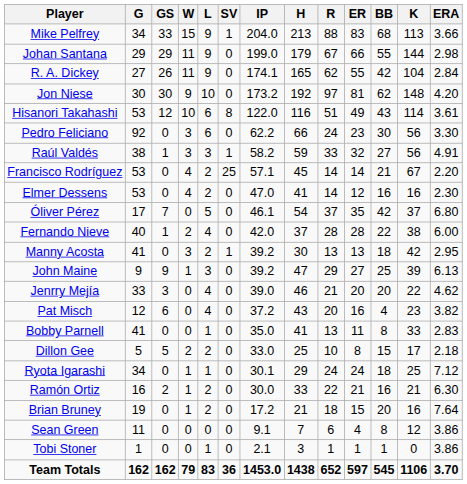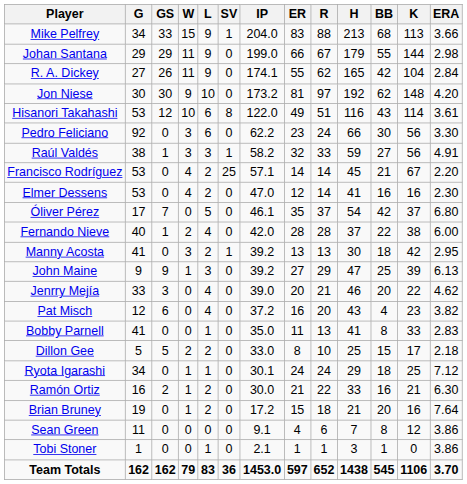 <table class="wikitable sortable">
 <tr>
 <th>Player</th>
 <th>G</th>
 <th>GS</th>
 <th>W</th>
 <th>L</th>
 <th>SV</th>
 <th>IP</th>
+<th>ER</th>
+<th>R</th>
 <th>H</th>
-<th>R</th>
-<th>ER</th>
 <th>BB</th>
 <th>K</th>
 <th>ERA</th>
 </tr>
 <tr align="center">
 <td><a href='#'>Mike Pelfrey</a></td>
 <td>34</td>
 <td>33</td>
 <td>15</td>
 <td>9</td>
 <td>1</td>
 <td>204.0</td>
+<td>83</td>
+<td>88</td>
 <td>213</td>
-<td>88</td>
-<td>83</td>
 <td>68</td>
 <td>113</td>
 <td>3.66</td>
 </tr>
 <tr align="center">
 <td><a href='#'>Johan Santana</a></td>
 <td>29</td>
 <td>29</td>
 <td>11</td>
 <td>9</td>
 <td>0</td>
 <td>199.0</td>
+<td>66</td>
+<td>67</td>
 <td>179</td>
-<td>67</td>
-<td>66</td>
 <td>55</td>
 <td>144</td>
 <td>2.98</td>
 </tr>
 <tr align="center">
 <td><a href='#'>R. A. Dickey</a></td>
 <td>27</td>
 <td>26</td>
 <td>11</td>
 <td>9</td>
 <td>0</td>
 <td>174.1</td>
+<td>55</td>
+<td>62</td>
 <td>165</td>
-<td>62</td>
-<td>55</td>
 <td>42</td>
 <td>104</td>
 <td>2.84</td>
 </tr>
 <tr align="center">
 <td><a href='#'>Jon Niese</a></td>
 <td>30</td>
 <td>30</td>
 <td>9</td>
 <td>10</td>
 <td>0</td>
 <td>173.2</td>
+<td>81</td>
+<td>97</td>
 <td>192</td>
-<td>97</td>
-<td>81</td>
 <td>62</td>
 <td>148</td>
 <td>4.20</td>
 </tr>
 <tr align="center">
 <td><a href='#'>Hisanori Takahashi</a></td>
 <td>53</td>
 <td>12</td>
 <td>10</td>
 <td>6</td>
 <td>8</td>
 <td>122.0</td>
+<td>49</td>
+<td>51</td>
 <td>116</td>
-<td>51</td>
-<td>49</td>
 <td>43</td>
 <td>114</td>
 <td>3.61</td>
 </tr>
 <tr align="center">
 <td><a href='#'>Pedro Feliciano</a></td>
 <td>92</td>
 <td>0</td>
 <td>3</td>
 <td>6</td>
 <td>0</td>
 <td>62.2</td>
+<td>23</td>
+<td>24</td>
 <td>66</td>
-<td>24</td>
-<td>23</td>
 <td>30</td>
 <td>56</td>
 <td>3.30</td>
 </tr>
 <tr align="center">
 <td><a href='#'>Raúl Valdés</a></td>
 <td>38</td>
 <td>1</td>
 <td>3</td>
 <td>3</td>
 <td>1</td>
 <td>58.2</td>
+<td>32</td>
+<td>33</td>
 <td>59</td>
-<td>33</td>
-<td>32</td>
 <td>27</td>
 <td>56</td>
 <td>4.91</td>
 </tr>
 <tr align="center">
 <td><a href='#'>Francisco Rodríguez</a></td>
 <td>53</td>
 <td>0</td>
 <td>4</td>
 <td>2</td>
 <td>25</td>
 <td>57.1</td>
-<td>45</td>
 <td>14</td>
 <td>14</td>
+<td>45</td>
 <td>21</td>
 <td>67</td>
 <td>2.20</td>
 </tr>
 <tr align="center">
 <td><a href='#'>Elmer Dessens</a></td>
 <td>53</td>
 <td>0</td>
 <td>4</td>
 <td>2</td>
 <td>0</td>
 <td>47.0</td>
+<td>12</td>
+<td>14</td>
 <td>41</td>
-<td>14</td>
-<td>12</td>
 <td>16</td>
 <td>16</td>
 <td>2.30</td>
 </tr>
 <tr align="center">
 <td><a href='#'>Óliver Pérez</a></td>
 <td>17</td>
 <td>7</td>
 <td>0</td>
 <td>5</td>
 <td>0</td>
 <td>46.1</td>
+<td>35</td>
+<td>37</td>
 <td>54</td>
-<td>37</td>
-<td>35</td>
 <td>42</td>
 <td>37</td>
 <td>6.80</td>
 </tr>
 <tr align="center">
 <td><a href='#'>Fernando Nieve</a></td>
 <td>40</td>
 <td>1</td>
 <td>2</td>
 <td>4</td>
 <td>0</td>
 <td>42.0</td>
-<td>37</td>
 <td>28</td>
 <td>28</td>
+<td>37</td>
 <td>22</td>
 <td>38</td>
 <td>6.00</td>
 </tr>
 <tr align="center">
 <td><a href='#'>Manny Acosta</a></td>
 <td>41</td>
 <td>0</td>
 <td>3</td>
 <td>2</td>
 <td>1</td>
 <td>39.2</td>
-<td>30</td>
 <td>13</td>
 <td>13</td>
+<td>30</td>
 <td>18</td>
 <td>42</td>
 <td>2.95</td>
 </tr>
 <tr align="center">
 <td><a href='#'>John Maine</a></td>
 <td>9</td>
 <td>9</td>
 <td>1</td>
 <td>3</td>
 <td>0</td>
 <td>39.2</td>
+<td>27</td>
+<td>29</td>
 <td>47</td>
-<td>29</td>
-<td>27</td>
 <td>25</td>
 <td>39</td>
 <td>6.13</td>
 </tr>
 <tr align="center">
 <td><a href='#'>Jenrry Mejía</a></td>
 <td>33</td>
 <td>3</td>
 <td>0</td>
 <td>4</td>
 <td>0</td>
 <td>39.0</td>
+<td>20</td>
+<td>21</td>
 <td>46</td>
-<td>21</td>
-<td>20</td>
 <td>20</td>
 <td>22</td>
 <td>4.62</td>
 </tr>
 <tr align="center">
 <td><a href='#'>Pat Misch</a></td>
 <td>12</td>
 <td>6</td>
 <td>0</td>
 <td>4</td>
 <td>0</td>
 <td>37.2</td>
+<td>16</td>
+<td>20</td>
 <td>43</td>
-<td>20</td>
-<td>16</td>
 <td>4</td>
 <td>23</td>
 <td>3.82</td>
 </tr>
 <tr align="center">
 <td><a href='#'>Bobby Parnell</a></td>
 <td>41</td>
 <td>0</td>
 <td>0</td>
 <td>1</td>
 <td>0</td>
 <td>35.0</td>
+<td>11</td>
+<td>13</td>
 <td>41</td>
-<td>13</td>
-<td>11</td>
 <td>8</td>
 <td>33</td>
 <td>2.83</td>
 </tr>
 <tr align="center">
 <td><a href='#'>Dillon Gee</a></td>
 <td>5</td>
 <td>5</td>
 <td>2</td>
 <td>2</td>
 <td>0</td>
 <td>33.0</td>
+<td>8</td>
+<td>10</td>
 <td>25</td>
-<td>10</td>
-<td>8</td>
 <td>15</td>
 <td>17</td>
 <td>2.18</td>
 </tr>
 <tr align="center">
 <td><a href='#'>Ryota Igarashi</a></td>
 <td>34</td>
 <td>0</td>
 <td>1</td>
 <td>1</td>
 <td>0</td>
 <td>30.1</td>
-<td>29</td>
 <td>24</td>
 <td>24</td>
+<td>29</td>
 <td>18</td>
 <td>25</td>
 <td>7.12</td>
 </tr>
 <tr align="center">
 <td><a href='#'>Ramón Ortiz</a></td>
 <td>16</td>
 <td>2</td>
 <td>1</td>
 <td>2</td>
 <td>0</td>
 <td>30.0</td>
+<td>21</td>
+<td>22</td>
 <td>33</td>
-<td>22</td>
-<td>21</td>
 <td>16</td>
 <td>21</td>
 <td>6.30</td>
 </tr>
 <tr align="center">
 <td><a href='#'>Brian Bruney</a></td>
 <td>19</td>
 <td>0</td>
 <td>1</td>
 <td>2</td>
 <td>0</td>
 <td>17.2</td>
+<td>15</td>
+<td>18</td>
 <td>21</td>
-<td>18</td>
-<td>15</td>
 <td>20</td>
 <td>16</td>
 <td>7.64</td>
 </tr>
 <tr align="center">
 <td><a href='#'>Sean Green</a></td>
 <td>11</td>
 <td>0</td>
 <td>0</td>
 <td>0</td>
 <td>0</td>
 <td>9.1</td>
+<td>4</td>
+<td>6</td>
 <td>7</td>
-<td>6</td>
-<td>4</td>
 <td>8</td>
 <td>12</td>
 <td>3.86</td>
 </tr>
 <tr align="center">
 <td><a href='#'>Tobi Stoner</a></td>
 <td>1</td>
 <td>0</td>
 <td>0</td>
 <td>1</td>
 <td>0</td>
 <td>2.1</td>
-<td>3</td>
 <td>1</td>
 <td>1</td>
+<td>3</td>
 <td>1</td>
 <td>0</td>
 <td>3.86</td>
 </tr>
 <tr align=center>
 <td><strong>Team Totals</strong></td>
 <td><strong>162</strong></td>
 <td><strong>162</strong></td>
 <td><strong>79</strong></td>
 <td><strong>83</strong></td>
 <td><strong>36</strong></td>
 <td><strong>1453.0</strong></td>
+<td><strong>597</strong></td>
+<td><strong>652</strong></td>
 <td><strong>1438</strong></td>
-<td><strong>652</strong></td>
-<td><strong>597</strong></td>
 <td><strong>545</strong></td>
 <td><strong>1106</strong></td>
 <td><strong>3.70</strong></td>
 </tr>
 </table>
